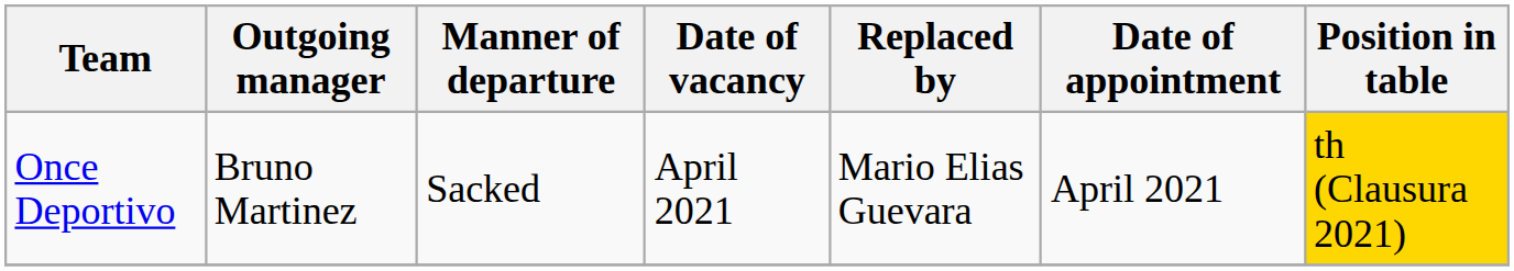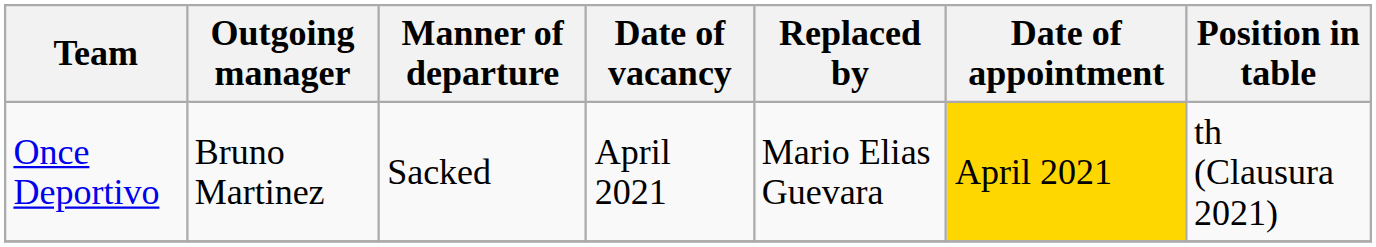 <table class="wikitable">
 <tr>
 <th>Team</th>
 <th>Outgoing manager</th>
 <th>Manner of departure</th>
 <th>Date of vacancy</th>
 <th>Replaced by</th>
 <th>Date of appointment</th>
 <th>Position in table</th>
 </tr>
 <tr>
 <td><a href='#'>Once Deportivo</a></td>
 <td> Bruno Martinez</td>
 <td>Sacked</td>
 <td>April 2021</td>
 <td> Mario Elias Guevara</td>
-<td>April 2021</td>
-<td style="background: gold;">th (Clausura 2021)</td>
+<td style="background: gold;">April 2021</td>
+<td>th (Clausura 2021)</td>
 </tr>
 <tr>
 </tr>
 </table>
